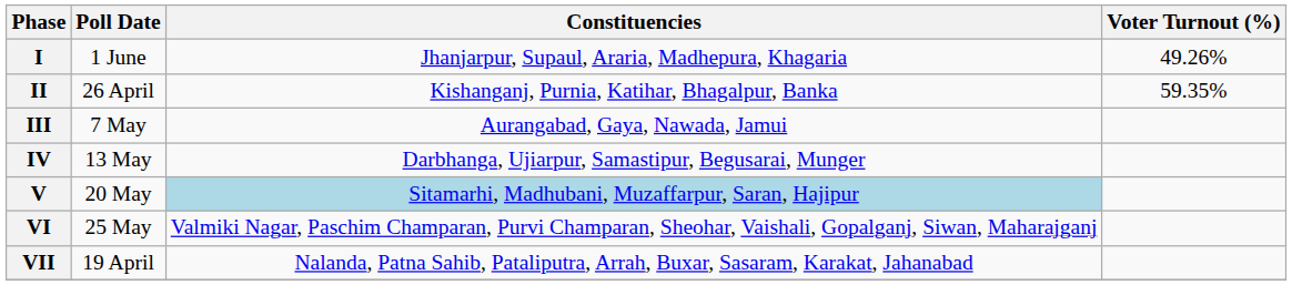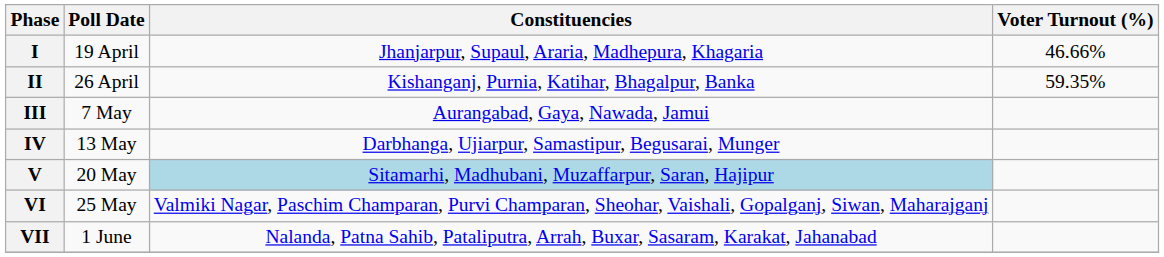 <table class="wikitable" style="text-align:center;margin:auto;">
 <tr>
 <th>Phase</th>
 <th>Poll Date</th>
 <th>Constituencies</th>
 <th>Voter Turnout (%)</th>
 </tr>
 <tr>
 <th>I</th>
-<td>1 June</td>
+<td>19 April</td>
 <td><a href='#'>Jhanjarpur</a>, <a href='#'>Supaul</a>, <a href='#'>Araria</a>, <a href='#'>Madhepura</a>, <a href='#'>Khagaria</a></td>
-<td>49.26%</td>
+<td>46.66%</td>
 </tr>
 <tr>
 <th>II</th>
 <td>26 April</td>
 <td><a href='#'>Kishanganj</a>, <a href='#'>Purnia</a>, <a href='#'>Katihar</a>, <a href='#'>Bhagalpur</a>, <a href='#'>Banka</a></td>
 <td>59.35%</td>
 </tr>
 <tr>
 <th>III</th>
 <td>7 May</td>
 <td><a href='#'>Aurangabad</a>, <a href='#'>Gaya</a>, <a href='#'>Nawada</a>, <a href='#'>Jamui</a></td>
 <td></td>
 </tr>
 <tr>
 <th>IV</th>
 <td>13 May</td>
 <td><a href='#'>Darbhanga</a>, <a href='#'>Ujiarpur</a>, <a href='#'>Samastipur</a>, <a href='#'>Begusarai</a>, <a href='#'>Munger</a></td>
 <td></td>
 </tr>
 <tr>
 <th>V</th>
 <td>20 May</td>
 <td style="background: lightblue;"><a href='#'>Sitamarhi</a>, <a href='#'>Madhubani</a>, <a href='#'>Muzaffarpur</a>, <a href='#'>Saran</a>, <a href='#'>Hajipur</a></td>
 <td></td>
 </tr>
 <tr>
 <th>VI</th>
 <td>25 May</td>
 <td><a href='#'>Valmiki Nagar</a>, <a href='#'>Paschim Champaran</a>, <a href='#'>Purvi Champaran</a>, <a href='#'>Sheohar</a>, <a href='#'>Vaishali</a>, <a href='#'>Gopalganj</a>, <a href='#'>Siwan</a>, <a href='#'>Maharajganj</a></td>
 <td></td>
 </tr>
 <tr>
 <th>VII</th>
-<td>19 April</td>
+<td>1 June</td>
 <td><a href='#'>Nalanda</a>, <a href='#'>Patna Sahib</a>, <a href='#'>Pataliputra</a>, <a href='#'>Arrah</a>, <a href='#'>Buxar</a>, <a href='#'>Sasaram</a>, <a href='#'>Karakat</a>, <a href='#'>Jahanabad</a></td>
 <td></td>
 </tr>
 <tr>
 </tr>
 </table>
